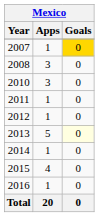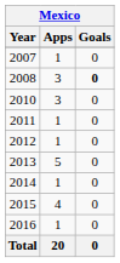 <table class="wikitable" style="text-align:center">
 <tr>
 <th colspan=3><a href='#'>Mexico</a></th>
 </tr>
 <tr>
 <th>Year</th>
 <th>Apps</th>
 <th>Goals</th>
 </tr>
 <tr>
 </tr>
 <tr>
 <td>2007</td>
 <td>1</td>
-<td style="background: gold;">0</td>
+<td>0</td>
 </tr>
 <tr>
 <td>2008</td>
 <td>3</td>
-<td>0</td>
+<td><strong>0</strong></td>
 </tr>
 <tr>
 <td>2010</td>
 <td>3</td>
 <td>0</td>
 </tr>
 <tr>
 <td>2011</td>
 <td>1</td>
 <td>0</td>
 </tr>
 <tr>
 <td>2012</td>
 <td>1</td>
 <td>0</td>
 </tr>
 <tr>
 <td>2013</td>
 <td>5</td>
-<td style="background: lightyellow;">0</td>
+<td>0</td>
 </tr>
 <tr>
 <td>2014</td>
 <td>1</td>
 <td>0</td>
 </tr>
 <tr>
 <td>2015</td>
 <td>4</td>
 <td>0</td>
 </tr>
 <tr>
 <td>2016</td>
 <td>1</td>
 <td>0</td>
 </tr>
 <tr>
 <th>Total</th>
 <th>20</th>
 <th>0</th>
 </tr>
 </table>
